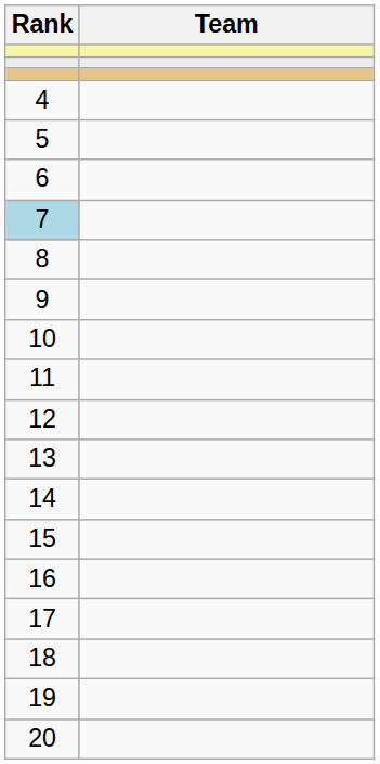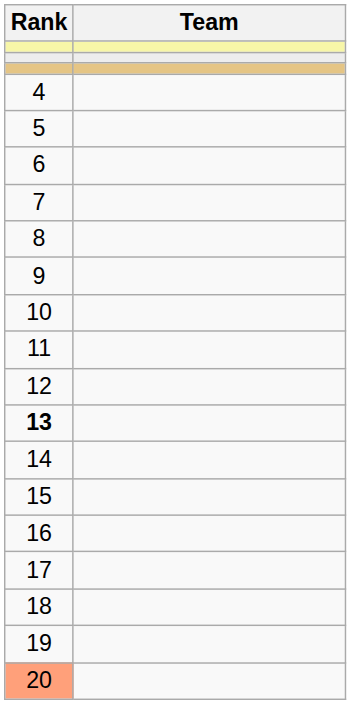 <table class="wikitable" style="text-align: center;">
 <tr>
 <th width=40>Rank</th>
 <th width=180>Team</th>
 </tr>
 <tr align=center bgcolor="#F7F6A8">
 <td></td>
 <td align="left"></td>
 </tr>
 <tr align=center bgcolor=ededed>
 <td></td>
 <td align="left"></td>
 </tr>
 <tr align=center bgcolor=e5c585>
 <td></td>
 <td align=left></td>
 </tr>
 <tr align=center>
 <td>4</td>
 <td style="text-align:left;"></td>
 </tr>
 <tr align=center>
 <td>5</td>
 <td style="text-align:left;"></td>
 </tr>
 <tr align=center>
 <td>6</td>
 <td style="text-align:left;"></td>
 </tr>
 <tr align=center>
-<td style="background: lightblue;">7</td>
+<td>7</td>
 <td style="text-align:left;"></td>
 </tr>
 <tr align=center>
 <td>8</td>
 <td style="text-align:left;"></td>
 </tr>
 <tr align=center>
 <td>9</td>
 <td style="text-align:left;"></td>
 </tr>
 <tr align=center>
 <td>10</td>
 <td style="text-align:left;"></td>
 </tr>
 <tr align=center>
 <td>11</td>
 <td style="text-align:left;"></td>
 </tr>
 <tr align=center>
 <td>12</td>
 <td style="text-align:left;"></td>
 </tr>
 <tr align=center>
-<td>13</td>
+<td><strong>13</strong></td>
 <td style="text-align:left;"></td>
 </tr>
 <tr align=center>
 <td>14</td>
 <td style="text-align:left;"></td>
 </tr>
 <tr align=center>
 <td>15</td>
 <td style="text-align:left;"></td>
 </tr>
 <tr align=center>
 <td>16</td>
 <td style="text-align:left;"></td>
 </tr>
 <tr align=center>
 <td>17</td>
 <td style="text-align:left;"></td>
 </tr>
 <tr align=center>
 <td>18</td>
 <td style="text-align:left;"></td>
 </tr>
 <tr align=center>
 <td>19</td>
 <td style="text-align:left;"></td>
 </tr>
 <tr align=center>
-<td>20</td>
+<td style="background: lightsalmon;">20</td>
 <td style="text-align:left;"></td>
 </tr>
 </table>
